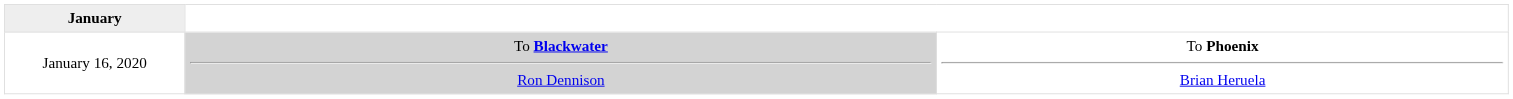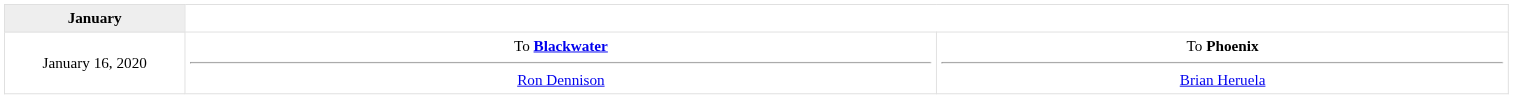 <table border=1 style="border-collapse:collapse; text-align: center; width: 100%" bordercolor="#DFDFDF"  cellpadding="5">
 <tr bgcolor="eeeeee">
 <th>January</th>
 </tr>
 <tr>
 <td style="width:12%" rowspan=1>January 16, 2020</td>
-<td style="background: lightgrey; width:50%" valign="top">To <strong><a href='#'>Blackwater</a></strong><hr><a href='#'>Ron Dennison</a></td>
+<td style="width:50%" valign="top">To <strong><a href='#'>Blackwater</a></strong><hr><a href='#'>Ron Dennison</a></td>
 <td style="width:50%" valign="top">To <strong>Phoenix</strong><hr><a href='#'>Brian Heruela</a></td>
 </tr>
 </table>
